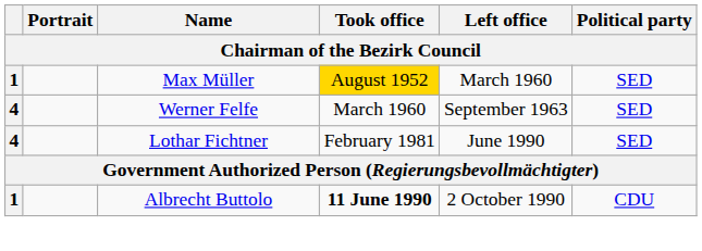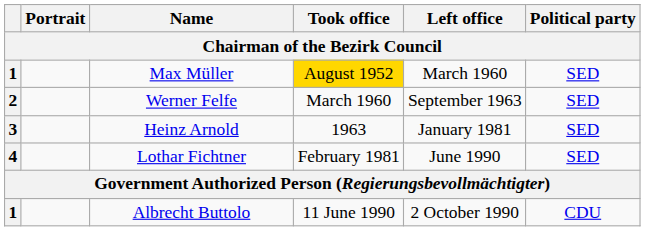 <table class="wikitable" style="text-align:center">
 <tr>
 <th></th>
 <th>Portrait</th>
 <th width=180>Name<br></th>
 <th>Took office</th>
 <th>Left office</th>
 <th>Political party</th>
 </tr>
 <tr>
 <th colspan=6>Chairman of the Bezirk Council</th>
 </tr>
 <tr>
 <th style="background:">1</th>
 <td></td>
 <td><a href='#'>Max Müller</a><br></td>
 <td style="background: gold;">August 1952</td>
 <td>March 1960</td>
 <td><a href='#'>SED</a></td>
 </tr>
 <tr>
-<th style="background:">4</th>
+<th style="background:">2</th>
 <td></td>
 <td><a href='#'>Werner Felfe</a><br></td>
 <td>March 1960</td>
 <td>September 1963</td>
+<td><a href='#'>SED</a></td>
+</tr>
+<tr>
+<th style="background:">3</th>
+<td></td>
+<td><a href='#'>Heinz Arnold</a><br></td>
+<td>1963</td>
+<td>January 1981</td>
 <td><a href='#'>SED</a></td>
 </tr>
 <tr>
 <th style="background:">4</th>
 <td></td>
 <td><a href='#'>Lothar Fichtner</a><br></td>
 <td>February 1981</td>
 <td>June 1990</td>
 <td><a href='#'>SED</a></td>
 </tr>
 <tr>
 <th colspan=6>Government Authorized Person (<em>Regierungsbevollmächtigter</em>)</th>
 </tr>
 <tr>
 <th style="background:">1</th>
 <td></td>
 <td><a href='#'>Albrecht Buttolo</a><br></td>
-<td><strong>11 June 1990</strong></td>
+<td>11 June 1990</td>
 <td>2 October 1990</td>
 <td><a href='#'>CDU</a></td>
 </tr>
 </table>
